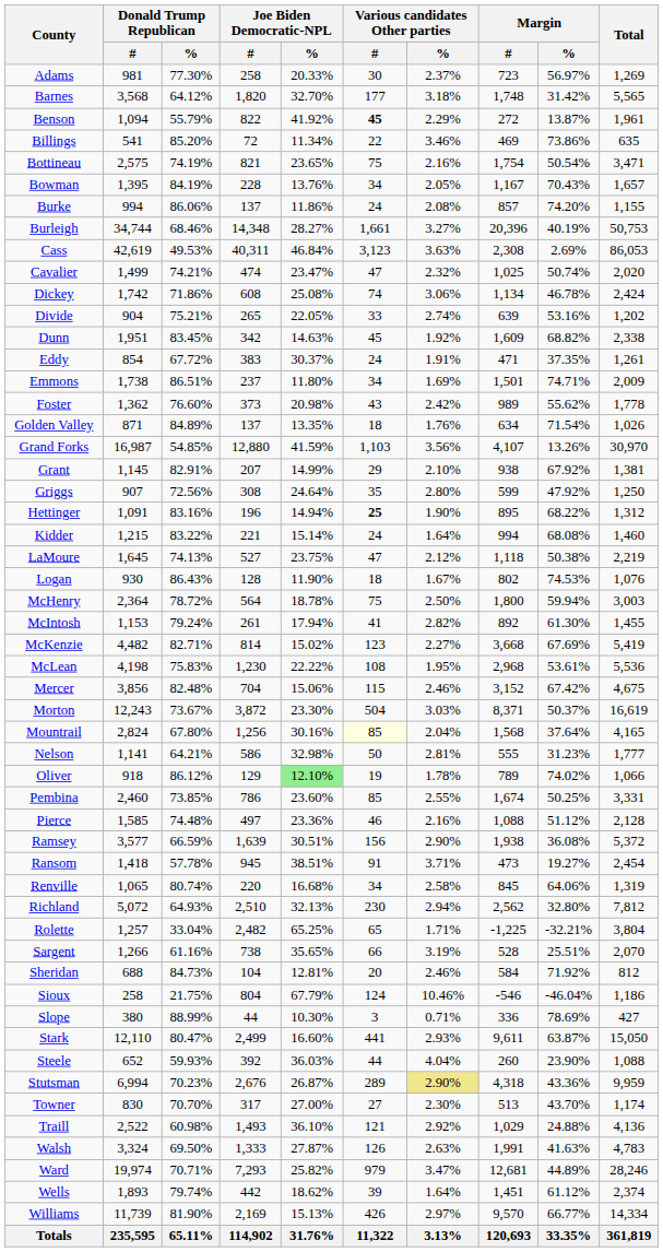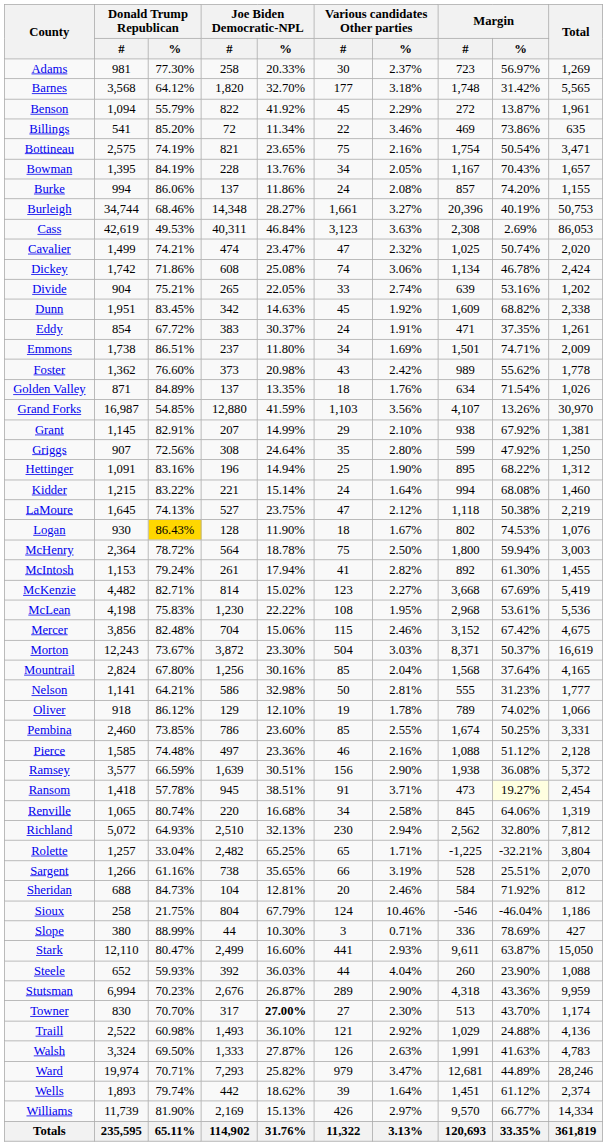 <table width="60%" class="wikitable sortable">
 <tr>
 <th rowspan="2">County</th>
 <th colspan="2">Donald Trump<br>Republican</th>
 <th colspan="2">Joe Biden<br>Democratic-NPL</th>
 <th colspan="2">Various candidates<br>Other parties</th>
 <th colspan="2">Margin</th>
 <th rowspan="2">Total</th>
 </tr>
 <tr>
 <th style="text-align:center;" data-sort-type="number">#</th>
 <th style="text-align:center;" data-sort-type="number">%</th>
 <th style="text-align:center;" data-sort-type="number">#</th>
 <th style="text-align:center;" data-sort-type="number">%</th>
 <th style="text-align:center;" data-sort-type="number">#</th>
 <th style="text-align:center;" data-sort-type="number">%</th>
 <th style="text-align:center;" data-sort-type="number">#</th>
 <th style="text-align:center;" data-sort-type="number">%</th>
 </tr>
 <tr style="text-align:center;">
 <td><a href='#'>Adams</a></td>
 <td>981</td>
 <td>77.30%</td>
 <td>258</td>
 <td>20.33%</td>
 <td>30</td>
 <td>2.37%</td>
 <td>723</td>
 <td>56.97%</td>
 <td>1,269</td>
 </tr>
 <tr style="text-align:center;">
 <td><a href='#'>Barnes</a></td>
 <td>3,568</td>
 <td>64.12%</td>
 <td>1,820</td>
 <td>32.70%</td>
 <td>177</td>
 <td>3.18%</td>
 <td>1,748</td>
 <td>31.42%</td>
 <td>5,565</td>
 </tr>
 <tr style="text-align:center;">
 <td><a href='#'>Benson</a></td>
 <td>1,094</td>
 <td>55.79%</td>
 <td>822</td>
 <td>41.92%</td>
-<td><strong>45</strong></td>
+<td>45</td>
 <td>2.29%</td>
 <td>272</td>
 <td>13.87%</td>
 <td>1,961</td>
 </tr>
 <tr style="text-align:center;">
 <td><a href='#'>Billings</a></td>
 <td>541</td>
 <td>85.20%</td>
 <td>72</td>
 <td>11.34%</td>
 <td>22</td>
 <td>3.46%</td>
 <td>469</td>
 <td>73.86%</td>
 <td>635</td>
 </tr>
 <tr style="text-align:center;">
 <td><a href='#'>Bottineau</a></td>
 <td>2,575</td>
 <td>74.19%</td>
 <td>821</td>
 <td>23.65%</td>
 <td>75</td>
 <td>2.16%</td>
 <td>1,754</td>
 <td>50.54%</td>
 <td>3,471</td>
 </tr>
 <tr style="text-align:center;">
 <td><a href='#'>Bowman</a></td>
 <td>1,395</td>
 <td>84.19%</td>
 <td>228</td>
 <td>13.76%</td>
 <td>34</td>
 <td>2.05%</td>
 <td>1,167</td>
 <td>70.43%</td>
 <td>1,657</td>
 </tr>
 <tr style="text-align:center;">
 <td><a href='#'>Burke</a></td>
 <td>994</td>
 <td>86.06%</td>
 <td>137</td>
 <td>11.86%</td>
 <td>24</td>
 <td>2.08%</td>
 <td>857</td>
 <td>74.20%</td>
 <td>1,155</td>
 </tr>
 <tr style="text-align:center;">
 <td><a href='#'>Burleigh</a></td>
 <td>34,744</td>
 <td>68.46%</td>
 <td>14,348</td>
 <td>28.27%</td>
 <td>1,661</td>
 <td>3.27%</td>
 <td>20,396</td>
 <td>40.19%</td>
 <td>50,753</td>
 </tr>
 <tr style="text-align:center;">
 <td><a href='#'>Cass</a></td>
 <td>42,619</td>
 <td>49.53%</td>
 <td>40,311</td>
 <td>46.84%</td>
 <td>3,123</td>
 <td>3.63%</td>
 <td>2,308</td>
 <td>2.69%</td>
 <td>86,053</td>
 </tr>
 <tr style="text-align:center;">
 <td><a href='#'>Cavalier</a></td>
 <td>1,499</td>
 <td>74.21%</td>
 <td>474</td>
 <td>23.47%</td>
 <td>47</td>
 <td>2.32%</td>
 <td>1,025</td>
 <td>50.74%</td>
 <td>2,020</td>
 </tr>
 <tr style="text-align:center;">
 <td><a href='#'>Dickey</a></td>
 <td>1,742</td>
 <td>71.86%</td>
 <td>608</td>
 <td>25.08%</td>
 <td>74</td>
 <td>3.06%</td>
 <td>1,134</td>
 <td>46.78%</td>
 <td>2,424</td>
 </tr>
 <tr style="text-align:center;">
 <td><a href='#'>Divide</a></td>
 <td>904</td>
 <td>75.21%</td>
 <td>265</td>
 <td>22.05%</td>
 <td>33</td>
 <td>2.74%</td>
 <td>639</td>
 <td>53.16%</td>
 <td>1,202</td>
 </tr>
 <tr style="text-align:center;">
 <td><a href='#'>Dunn</a></td>
 <td>1,951</td>
 <td>83.45%</td>
 <td>342</td>
 <td>14.63%</td>
 <td>45</td>
 <td>1.92%</td>
 <td>1,609</td>
 <td>68.82%</td>
 <td>2,338</td>
 </tr>
 <tr style="text-align:center;">
 <td><a href='#'>Eddy</a></td>
 <td>854</td>
 <td>67.72%</td>
 <td>383</td>
 <td>30.37%</td>
 <td>24</td>
 <td>1.91%</td>
 <td>471</td>
 <td>37.35%</td>
 <td>1,261</td>
 </tr>
 <tr style="text-align:center;">
 <td><a href='#'>Emmons</a></td>
 <td>1,738</td>
 <td>86.51%</td>
 <td>237</td>
 <td>11.80%</td>
 <td>34</td>
 <td>1.69%</td>
 <td>1,501</td>
 <td>74.71%</td>
 <td>2,009</td>
 </tr>
 <tr style="text-align:center;">
 <td><a href='#'>Foster</a></td>
 <td>1,362</td>
 <td>76.60%</td>
 <td>373</td>
 <td>20.98%</td>
 <td>43</td>
 <td>2.42%</td>
 <td>989</td>
 <td>55.62%</td>
 <td>1,778</td>
 </tr>
 <tr style="text-align:center;">
 <td><a href='#'>Golden Valley</a></td>
 <td>871</td>
 <td>84.89%</td>
 <td>137</td>
 <td>13.35%</td>
 <td>18</td>
 <td>1.76%</td>
 <td>634</td>
 <td>71.54%</td>
 <td>1,026</td>
 </tr>
 <tr style="text-align:center;">
 <td><a href='#'>Grand Forks</a></td>
 <td>16,987</td>
 <td>54.85%</td>
 <td>12,880</td>
 <td>41.59%</td>
 <td>1,103</td>
 <td>3.56%</td>
 <td>4,107</td>
 <td>13.26%</td>
 <td>30,970</td>
 </tr>
 <tr style="text-align:center;">
 <td><a href='#'>Grant</a></td>
 <td>1,145</td>
 <td>82.91%</td>
 <td>207</td>
 <td>14.99%</td>
 <td>29</td>
 <td>2.10%</td>
 <td>938</td>
 <td>67.92%</td>
 <td>1,381</td>
 </tr>
 <tr style="text-align:center;">
 <td><a href='#'>Griggs</a></td>
 <td>907</td>
 <td>72.56%</td>
 <td>308</td>
 <td>24.64%</td>
 <td>35</td>
 <td>2.80%</td>
 <td>599</td>
 <td>47.92%</td>
 <td>1,250</td>
 </tr>
 <tr style="text-align:center;">
 <td><a href='#'>Hettinger</a></td>
 <td>1,091</td>
 <td>83.16%</td>
 <td>196</td>
 <td>14.94%</td>
-<td><strong>25</strong></td>
+<td>25</td>
 <td>1.90%</td>
 <td>895</td>
 <td>68.22%</td>
 <td>1,312</td>
 </tr>
 <tr style="text-align:center;">
 <td><a href='#'>Kidder</a></td>
 <td>1,215</td>
 <td>83.22%</td>
 <td>221</td>
 <td>15.14%</td>
 <td>24</td>
 <td>1.64%</td>
 <td>994</td>
 <td>68.08%</td>
 <td>1,460</td>
 </tr>
 <tr style="text-align:center;">
 <td><a href='#'>LaMoure</a></td>
 <td>1,645</td>
 <td>74.13%</td>
 <td>527</td>
 <td>23.75%</td>
 <td>47</td>
 <td>2.12%</td>
 <td>1,118</td>
 <td>50.38%</td>
 <td>2,219</td>
 </tr>
 <tr style="text-align:center;">
 <td><a href='#'>Logan</a></td>
 <td>930</td>
-<td>86.43%</td>
+<td style="background: gold;">86.43%</td>
 <td>128</td>
 <td>11.90%</td>
 <td>18</td>
 <td>1.67%</td>
 <td>802</td>
 <td>74.53%</td>
 <td>1,076</td>
 </tr>
 <tr style="text-align:center;">
 <td><a href='#'>McHenry</a></td>
 <td>2,364</td>
 <td>78.72%</td>
 <td>564</td>
 <td>18.78%</td>
 <td>75</td>
 <td>2.50%</td>
 <td>1,800</td>
 <td>59.94%</td>
 <td>3,003</td>
 </tr>
 <tr style="text-align:center;">
 <td><a href='#'>McIntosh</a></td>
 <td>1,153</td>
 <td>79.24%</td>
 <td>261</td>
 <td>17.94%</td>
 <td>41</td>
 <td>2.82%</td>
 <td>892</td>
 <td>61.30%</td>
 <td>1,455</td>
 </tr>
 <tr style="text-align:center;">
 <td><a href='#'>McKenzie</a></td>
 <td>4,482</td>
 <td>82.71%</td>
 <td>814</td>
 <td>15.02%</td>
 <td>123</td>
 <td>2.27%</td>
 <td>3,668</td>
 <td>67.69%</td>
 <td>5,419</td>
 </tr>
 <tr style="text-align:center;">
 <td><a href='#'>McLean</a></td>
 <td>4,198</td>
 <td>75.83%</td>
 <td>1,230</td>
 <td>22.22%</td>
 <td>108</td>
 <td>1.95%</td>
 <td>2,968</td>
 <td>53.61%</td>
 <td>5,536</td>
 </tr>
 <tr style="text-align:center;">
 <td><a href='#'>Mercer</a></td>
 <td>3,856</td>
 <td>82.48%</td>
 <td>704</td>
 <td>15.06%</td>
 <td>115</td>
 <td>2.46%</td>
 <td>3,152</td>
 <td>67.42%</td>
 <td>4,675</td>
 </tr>
 <tr style="text-align:center;">
 <td><a href='#'>Morton</a></td>
 <td>12,243</td>
 <td>73.67%</td>
 <td>3,872</td>
 <td>23.30%</td>
 <td>504</td>
 <td>3.03%</td>
 <td>8,371</td>
 <td>50.37%</td>
 <td>16,619</td>
 </tr>
 <tr style="text-align:center;">
 <td><a href='#'>Mountrail</a></td>
 <td>2,824</td>
 <td>67.80%</td>
 <td>1,256</td>
 <td>30.16%</td>
-<td style="background: lightyellow;">85</td>
+<td>85</td>
 <td>2.04%</td>
 <td>1,568</td>
 <td>37.64%</td>
 <td>4,165</td>
 </tr>
 <tr style="text-align:center;">
 <td><a href='#'>Nelson</a></td>
 <td>1,141</td>
 <td>64.21%</td>
 <td>586</td>
 <td>32.98%</td>
 <td>50</td>
 <td>2.81%</td>
 <td>555</td>
 <td>31.23%</td>
 <td>1,777</td>
 </tr>
 <tr style="text-align:center;">
 <td><a href='#'>Oliver</a></td>
 <td>918</td>
 <td>86.12%</td>
 <td>129</td>
-<td style="background: lightgreen;">12.10%</td>
+<td>12.10%</td>
 <td>19</td>
 <td>1.78%</td>
 <td>789</td>
 <td>74.02%</td>
 <td>1,066</td>
 </tr>
 <tr style="text-align:center;">
 <td><a href='#'>Pembina</a></td>
 <td>2,460</td>
 <td>73.85%</td>
 <td>786</td>
 <td>23.60%</td>
 <td>85</td>
 <td>2.55%</td>
 <td>1,674</td>
 <td>50.25%</td>
 <td>3,331</td>
 </tr>
 <tr style="text-align:center;">
 <td><a href='#'>Pierce</a></td>
 <td>1,585</td>
 <td>74.48%</td>
 <td>497</td>
 <td>23.36%</td>
 <td>46</td>
 <td>2.16%</td>
 <td>1,088</td>
 <td>51.12%</td>
 <td>2,128</td>
 </tr>
 <tr style="text-align:center;">
 <td><a href='#'>Ramsey</a></td>
 <td>3,577</td>
 <td>66.59%</td>
 <td>1,639</td>
 <td>30.51%</td>
 <td>156</td>
 <td>2.90%</td>
 <td>1,938</td>
 <td>36.08%</td>
 <td>5,372</td>
 </tr>
 <tr style="text-align:center;">
 <td><a href='#'>Ransom</a></td>
 <td>1,418</td>
 <td>57.78%</td>
 <td>945</td>
 <td>38.51%</td>
 <td>91</td>
 <td>3.71%</td>
 <td>473</td>
-<td>19.27%</td>
+<td style="background: lightyellow;">19.27%</td>
 <td>2,454</td>
 </tr>
 <tr style="text-align:center;">
 <td><a href='#'>Renville</a></td>
 <td>1,065</td>
 <td>80.74%</td>
 <td>220</td>
 <td>16.68%</td>
 <td>34</td>
 <td>2.58%</td>
 <td>845</td>
 <td>64.06%</td>
 <td>1,319</td>
 </tr>
 <tr style="text-align:center;">
 <td><a href='#'>Richland</a></td>
 <td>5,072</td>
 <td>64.93%</td>
 <td>2,510</td>
 <td>32.13%</td>
 <td>230</td>
 <td>2.94%</td>
 <td>2,562</td>
 <td>32.80%</td>
 <td>7,812</td>
 </tr>
 <tr style="text-align:center;">
 <td><a href='#'>Rolette</a></td>
 <td>1,257</td>
 <td>33.04%</td>
 <td>2,482</td>
 <td>65.25%</td>
 <td>65</td>
 <td>1.71%</td>
 <td>-1,225</td>
 <td>-32.21%</td>
 <td>3,804</td>
 </tr>
 <tr style="text-align:center;">
 <td><a href='#'>Sargent</a></td>
 <td>1,266</td>
 <td>61.16%</td>
 <td>738</td>
 <td>35.65%</td>
 <td>66</td>
 <td>3.19%</td>
 <td>528</td>
 <td>25.51%</td>
 <td>2,070</td>
 </tr>
 <tr style="text-align:center;">
 <td><a href='#'>Sheridan</a></td>
 <td>688</td>
 <td>84.73%</td>
 <td>104</td>
 <td>12.81%</td>
 <td>20</td>
 <td>2.46%</td>
 <td>584</td>
 <td>71.92%</td>
 <td>812</td>
 </tr>
 <tr style="text-align:center;">
 <td><a href='#'>Sioux</a></td>
 <td>258</td>
 <td>21.75%</td>
 <td>804</td>
 <td>67.79%</td>
 <td>124</td>
 <td>10.46%</td>
 <td>-546</td>
 <td>-46.04%</td>
 <td>1,186</td>
 </tr>
 <tr style="text-align:center;">
 <td><a href='#'>Slope</a></td>
 <td>380</td>
 <td>88.99%</td>
 <td>44</td>
 <td>10.30%</td>
 <td>3</td>
 <td>0.71%</td>
 <td>336</td>
 <td>78.69%</td>
 <td>427</td>
 </tr>
 <tr style="text-align:center;">
 <td><a href='#'>Stark</a></td>
 <td>12,110</td>
 <td>80.47%</td>
 <td>2,499</td>
 <td>16.60%</td>
 <td>441</td>
 <td>2.93%</td>
 <td>9,611</td>
 <td>63.87%</td>
 <td>15,050</td>
 </tr>
 <tr style="text-align:center;">
 <td><a href='#'>Steele</a></td>
 <td>652</td>
 <td>59.93%</td>
 <td>392</td>
 <td>36.03%</td>
 <td>44</td>
 <td>4.04%</td>
 <td>260</td>
 <td>23.90%</td>
 <td>1,088</td>
 </tr>
 <tr style="text-align:center;">
 <td><a href='#'>Stutsman</a></td>
 <td>6,994</td>
 <td>70.23%</td>
 <td>2,676</td>
 <td>26.87%</td>
 <td>289</td>
-<td style="background: khaki;">2.90%</td>
+<td>2.90%</td>
 <td>4,318</td>
 <td>43.36%</td>
 <td>9,959</td>
 </tr>
 <tr style="text-align:center;">
 <td><a href='#'>Towner</a></td>
 <td>830</td>
 <td>70.70%</td>
 <td>317</td>
-<td>27.00%</td>
+<td><strong>27.00%</strong></td>
 <td>27</td>
 <td>2.30%</td>
 <td>513</td>
 <td>43.70%</td>
 <td>1,174</td>
 </tr>
 <tr style="text-align:center;">
 <td><a href='#'>Traill</a></td>
 <td>2,522</td>
 <td>60.98%</td>
 <td>1,493</td>
 <td>36.10%</td>
 <td>121</td>
 <td>2.92%</td>
 <td>1,029</td>
 <td>24.88%</td>
 <td>4,136</td>
 </tr>
 <tr style="text-align:center;">
 <td><a href='#'>Walsh</a></td>
 <td>3,324</td>
 <td>69.50%</td>
 <td>1,333</td>
 <td>27.87%</td>
 <td>126</td>
 <td>2.63%</td>
 <td>1,991</td>
 <td>41.63%</td>
 <td>4,783</td>
 </tr>
 <tr style="text-align:center;">
 <td><a href='#'>Ward</a></td>
 <td>19,974</td>
 <td>70.71%</td>
 <td>7,293</td>
 <td>25.82%</td>
 <td>979</td>
 <td>3.47%</td>
 <td>12,681</td>
 <td>44.89%</td>
 <td>28,246</td>
 </tr>
 <tr style="text-align:center;">
 <td><a href='#'>Wells</a></td>
 <td>1,893</td>
 <td>79.74%</td>
 <td>442</td>
 <td>18.62%</td>
 <td>39</td>
 <td>1.64%</td>
 <td>1,451</td>
 <td>61.12%</td>
 <td>2,374</td>
 </tr>
 <tr style="text-align:center;">
 <td><a href='#'>Williams</a></td>
 <td>11,739</td>
 <td>81.90%</td>
 <td>2,169</td>
 <td>15.13%</td>
 <td>426</td>
 <td>2.97%</td>
 <td>9,570</td>
 <td>66.77%</td>
 <td>14,334</td>
 </tr>
 <tr>
 <th>Totals</th>
 <th>235,595</th>
 <th>65.11%</th>
 <th>114,902</th>
 <th>31.76%</th>
 <th>11,322</th>
 <th>3.13%</th>
 <th>120,693</th>
 <th>33.35%</th>
 <th>361,819</th>
 </tr>
 </table>
